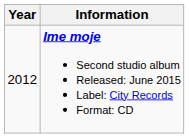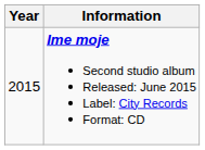 <table class="wikitable">
 <tr>
 <th align="center" rowspan="1">Year</th>
 <th align="center" rowspan="1">Information</th>
 </tr>
 <tr>
-<td>2012</td>
+<td>2015</td>
 <td><strong><em><a href='#'>Ime moje</a></em></strong><br><ul><li><small>Second studio album</small></li><li><small>Released: June 2015 </small></li><li><small>Label: <a href='#'>City Records</a></small></li><li><small>Format: CD</small></li></ul></td>
 </tr>
 </table>
